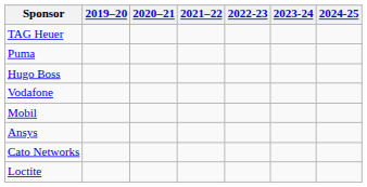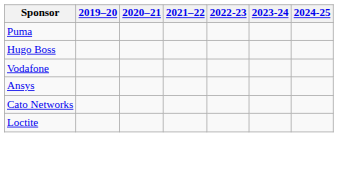 <table class="wikitable sortable" style="font-size:85%; display: inline-table;">
 <tr>
 <th>Sponsor</th>
 <th><a href='#'>2019–20</a></th>
 <th><a href='#'>2020–21</a></th>
 <th><a href='#'>2021–22</a></th>
 <th><a href='#'>2022-23</a></th>
 <th><a href='#'>2023-24</a></th>
 <th><a href='#'>2024-25</a></th>
-</tr>
-<tr>
-<td><a href='#'>TAG Heuer</a></td>
-<td> <strong></strong></td>
-<td> <strong></strong></td>
-<td> <strong></strong></td>
-<td> <strong></strong></td>
-<td> <strong></strong></td>
-<td> <strong></strong></td>
 </tr>
 <tr>
 <td><a href='#'>Puma</a></td>
 <td></td>
 <td></td>
 <td></td>
 <td></td>
 <td></td>
 <td></td>
 </tr>
 <tr>
 <td><a href='#'>Hugo Boss</a></td>
 <td></td>
 <td></td>
 <td></td>
 <td></td>
 <td></td>
 <td></td>
 </tr>
 <tr>
 <td><a href='#'>Vodafone</a></td>
-<td></td>
-<td></td>
-<td></td>
-<td></td>
-<td></td>
-<td></td>
-</tr>
-<tr>
-<td><a href='#'>Mobil</a></td>
 <td></td>
 <td></td>
 <td></td>
 <td></td>
 <td></td>
 <td></td>
 </tr>
 <tr>
 <td><a href='#'>Ansys</a></td>
 <td></td>
 <td></td>
 <td></td>
 <td></td>
 <td></td>
 <td></td>
 </tr>
 <tr>
 <td><a href='#'>Cato Networks</a></td>
 <td></td>
 <td></td>
 <td></td>
 <td></td>
 <td></td>
 <td></td>
 </tr>
 <tr>
 <td><a href='#'>Loctite</a></td>
 <td></td>
 <td></td>
 <td></td>
 <td></td>
 <td></td>
 <td></td>
 </tr>
 </table>
